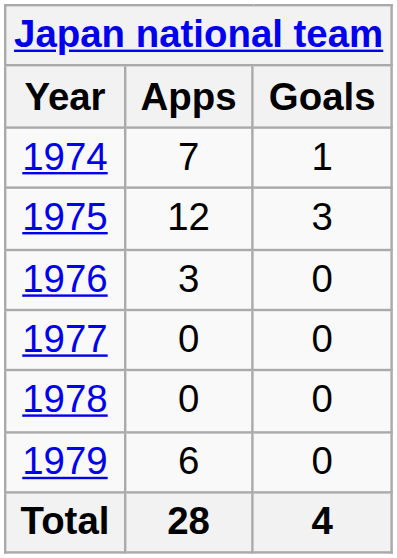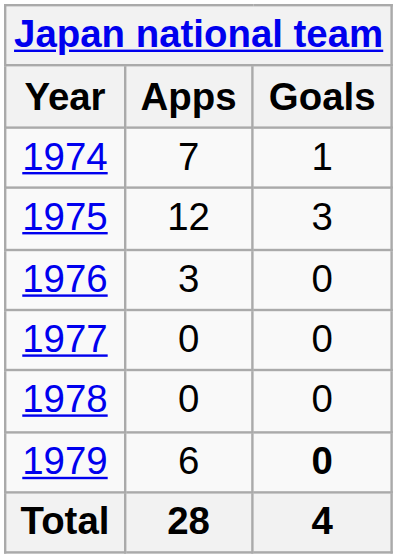 <table class="wikitable" style="text-align:center">
 <tr>
 <th colspan=3><a href='#'>Japan national team</a></th>
 </tr>
 <tr>
 <th>Year</th>
 <th>Apps</th>
 <th>Goals</th>
 </tr>
 <tr>
 <td><a href='#'>1974</a></td>
 <td>7</td>
 <td>1</td>
 </tr>
 <tr>
 <td><a href='#'>1975</a></td>
 <td>12</td>
 <td>3</td>
 </tr>
 <tr>
 <td><a href='#'>1976</a></td>
 <td>3</td>
 <td>0</td>
 </tr>
 <tr>
 <td><a href='#'>1977</a></td>
 <td>0</td>
 <td>0</td>
 </tr>
 <tr>
 <td><a href='#'>1978</a></td>
 <td>0</td>
 <td>0</td>
 </tr>
 <tr>
 <td><a href='#'>1979</a></td>
 <td>6</td>
-<td>0</td>
+<td><strong>0</strong></td>
 </tr>
 <tr>
 <th>Total</th>
 <th>28</th>
 <th>4</th>
 </tr>
 </table>
